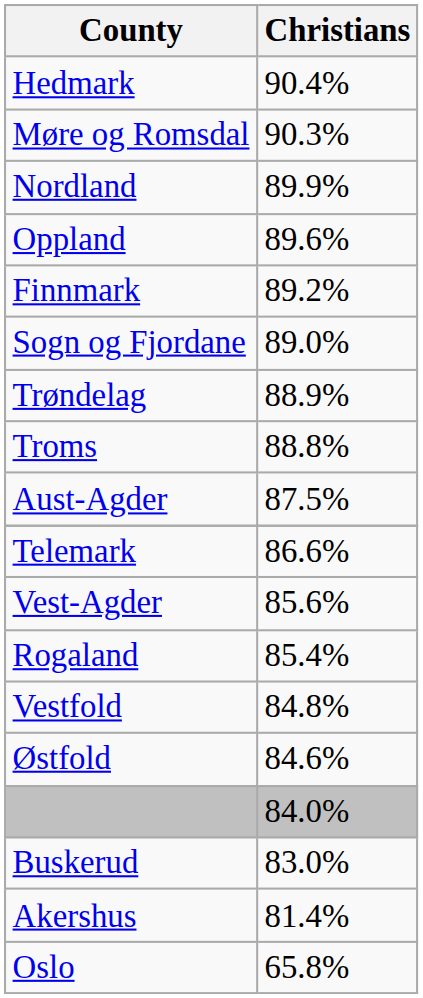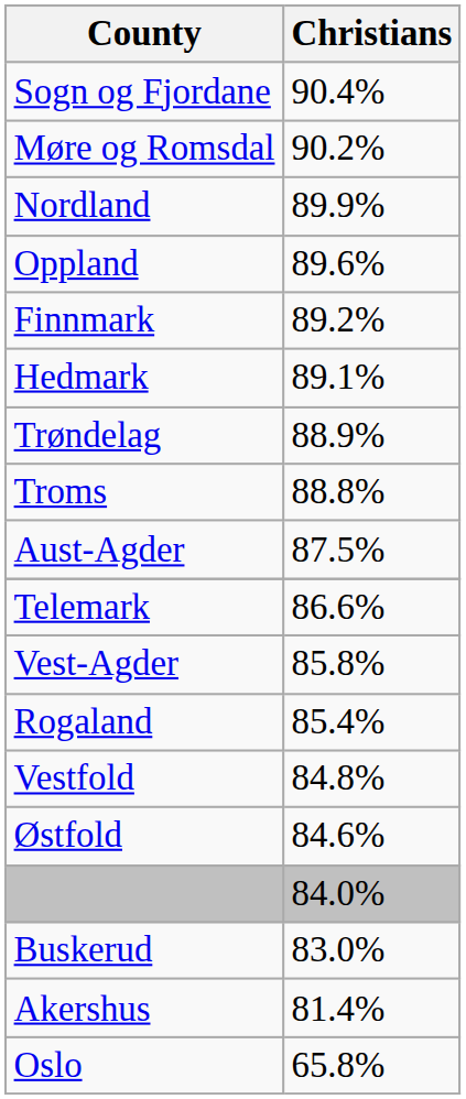 <table class="wikitable sortable">
 <tr>
 <th>County<br></th>
 <th>Christians</th>
 </tr>
 <tr>
-<td> <a href='#'>Hedmark</a></td>
+<td> <a href='#'>Sogn og Fjordane</a></td>
 <td>90.4%</td>
 </tr>
 <tr>
 <td> <a href='#'>Møre og Romsdal</a></td>
-<td>90.3%</td>
+<td>90.2%</td>
 </tr>
 <tr>
 <td> <a href='#'>Nordland</a></td>
 <td>89.9%</td>
 </tr>
 <tr>
 <td> <a href='#'>Oppland</a></td>
 <td>89.6%</td>
 </tr>
 <tr>
 <td> <a href='#'>Finnmark</a></td>
 <td>89.2%</td>
 </tr>
 <tr>
-<td> <a href='#'>Sogn og Fjordane</a></td>
-<td>89.0%</td>
+<td> <a href='#'>Hedmark</a></td>
+<td>89.1%</td>
 </tr>
 <tr>
 <td> <a href='#'>Trøndelag</a></td>
 <td>88.9%</td>
 </tr>
 <tr>
 <td> <a href='#'>Troms</a></td>
 <td>88.8%</td>
 </tr>
 <tr>
 <td> <a href='#'>Aust-Agder</a></td>
 <td>87.5%</td>
 </tr>
 <tr>
 </tr>
 <tr>
 <td> <a href='#'>Telemark</a></td>
 <td>86.6%</td>
 </tr>
 <tr>
 <td> <a href='#'>Vest-Agder</a></td>
-<td>85.6%</td>
+<td>85.8%</td>
 </tr>
 <tr>
 <td> <a href='#'>Rogaland</a></td>
 <td>85.4%</td>
 </tr>
 <tr>
 <td> <a href='#'>Vestfold</a></td>
 <td>84.8%</td>
 </tr>
 <tr>
 <td> <a href='#'>Østfold</a></td>
 <td>84.6%</td>
 </tr>
 <tr>
 <td style="background:silver"></td>
 <td style="background:silver">84.0%</td>
 </tr>
 <tr>
 <td> <a href='#'>Buskerud</a></td>
 <td>83.0%</td>
 </tr>
 <tr>
 <td> <a href='#'>Akershus</a></td>
 <td>81.4%</td>
 </tr>
 <tr>
 <td> <a href='#'>Oslo</a></td>
 <td>65.8%</td>
 </tr>
 </table>
